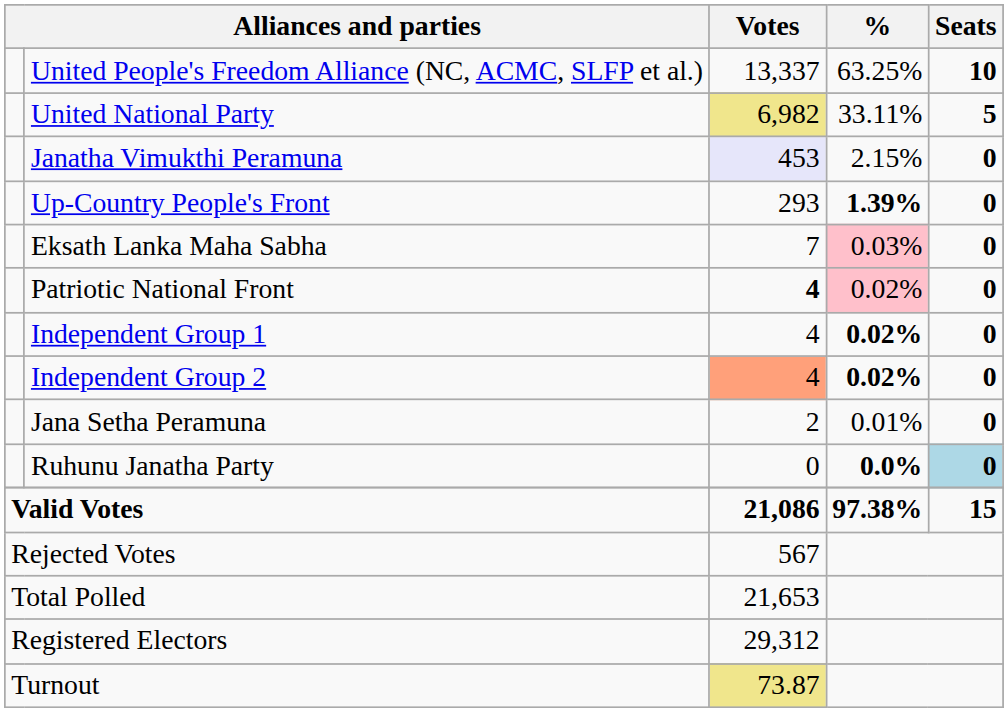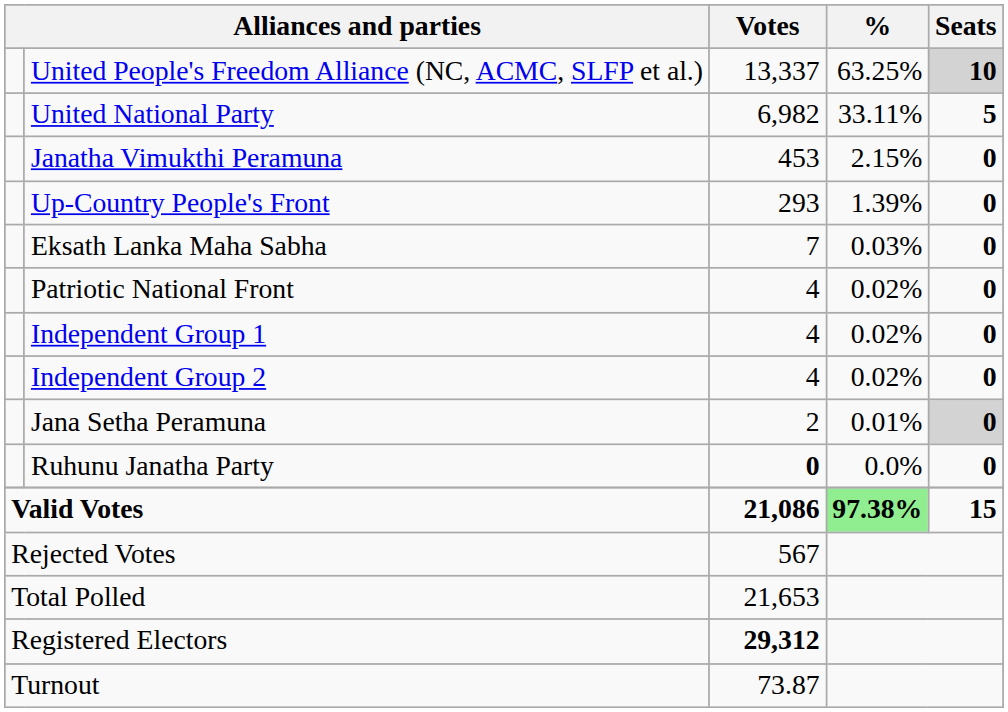 <table class="wikitable" border="1" style="text-align:right;">
 <tr>
 <th valign=bottom align=left colspan=2>Alliances and parties</th>
 <th valign=bottom align=center width="60">Votes</th>
 <th valign=bottom align=center width="50">%</th>
 <th valign=bottom align=center>Seats</th>
 </tr>
 <tr>
 <td bgcolor=> </td>
 <td align=left><a href='#'>United People's Freedom Alliance</a> (NC, <a href='#'>ACMC</a>, <a href='#'>SLFP</a> et al.)</td>
 <td>13,337</td>
 <td>63.25%</td>
-<td><strong>10</strong></td>
+<td style="background: lightgrey;"><strong>10</strong></td>
 </tr>
 <tr>
 <td bgcolor=> </td>
 <td align=left><a href='#'>United National Party</a></td>
-<td style="background: khaki;">6,982</td>
+<td>6,982</td>
 <td>33.11%</td>
 <td><strong>5</strong></td>
 </tr>
 <tr>
 <td bgcolor=> </td>
 <td align=left><a href='#'>Janatha Vimukthi Peramuna</a></td>
-<td style="background: lavender;">453</td>
+<td>453</td>
 <td>2.15%</td>
 <td><strong>0</strong></td>
 </tr>
 <tr>
 <td bgcolor=> </td>
 <td align=left><a href='#'>Up-Country People's Front</a></td>
 <td>293</td>
-<td><strong>1.39%</strong></td>
+<td>1.39%</td>
 <td><strong>0</strong></td>
 </tr>
 <tr>
 <td></td>
 <td align=left>Eksath Lanka Maha Sabha</td>
 <td>7</td>
-<td style="background: pink;">0.03%</td>
+<td>0.03%</td>
 <td><strong>0</strong></td>
 </tr>
 <tr>
 <td></td>
 <td align=left>Patriotic National Front</td>
-<td><strong>4</strong></td>
-<td style="background: pink;">0.02%</td>
+<td>4</td>
+<td>0.02%</td>
 <td><strong>0</strong></td>
 </tr>
 <tr>
 <td></td>
 <td align=left><a href='#'>Independent Group 1</a></td>
 <td>4</td>
-<td><strong>0.02%</strong></td>
+<td>0.02%</td>
 <td><strong>0</strong></td>
 </tr>
 <tr>
 <td></td>
 <td align=left><a href='#'>Independent Group 2</a></td>
-<td style="background: lightsalmon;">4</td>
-<td><strong>0.02%</strong></td>
+<td>4</td>
+<td>0.02%</td>
 <td><strong>0</strong></td>
 </tr>
 <tr>
 <td></td>
 <td align=left>Jana Setha Peramuna</td>
 <td>2</td>
 <td>0.01%</td>
-<td><strong>0</strong></td>
+<td style="background: lightgrey;"><strong>0</strong></td>
 </tr>
 <tr>
 <td></td>
 <td align=left>Ruhunu Janatha Party</td>
-<td>0</td>
-<td><strong>0.0%</strong></td>
-<td style="background: lightblue;"><strong>0</strong></td>
+<td><strong>0</strong></td>
+<td>0.0%</td>
+<td><strong>0</strong></td>
 </tr>
 <tr>
 </tr>
 <tr>
 <td colspan=2 align=left><strong>Valid Votes</strong></td>
 <td><strong>21,086</strong></td>
-<td><strong>97.38%</strong></td>
+<td style="background: lightgreen;"><strong>97.38%</strong></td>
 <td><strong>15</strong></td>
 </tr>
 <tr>
 <td colspan=2 align=left>Rejected Votes</td>
 <td>567</td>
 <td colspan=2></td>
 </tr>
 <tr>
 <td colspan=2 align=left>Total Polled</td>
 <td>21,653</td>
 <td colspan=2></td>
 </tr>
 <tr>
 <td colspan=2 align=left>Registered Electors</td>
-<td>29,312</td>
+<td><strong>29,312</strong></td>
 <td colspan=2></td>
 </tr>
 <tr>
 <td colspan=2 align=left>Turnout</td>
-<td style="background: khaki;">73.87</td>
+<td>73.87</td>
 <td colspan=2></td>
 </tr>
 </table>
